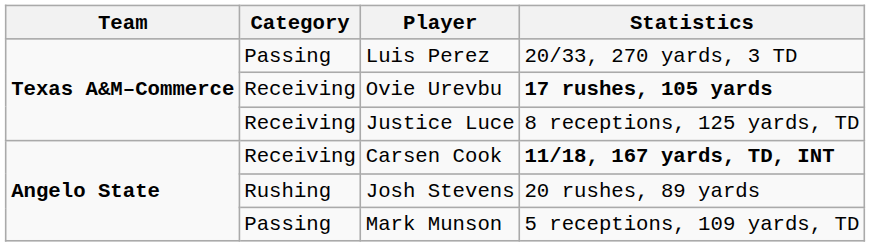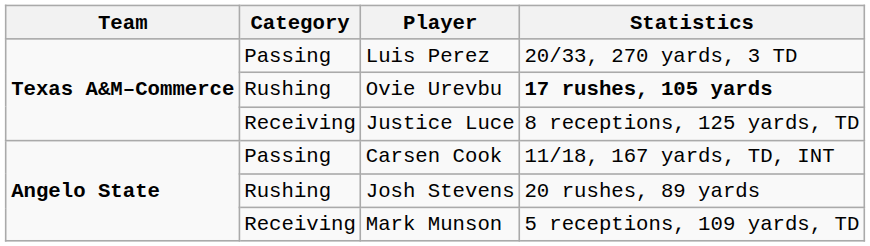 <table class="wikitable" style="float: right;">
 <tr>
 <th>Team</th>
 <th>Category</th>
 <th>Player</th>
 <th>Statistics</th>
 </tr>
 <tr>
 <td rowspan=3><strong>Texas A&M–Commerce</strong></td>
 <td>Passing</td>
 <td>Luis Perez</td>
 <td>20/33, 270 yards, 3 TD</td>
 </tr>
 <tr>
-<td>Receiving</td>
+<td>Rushing</td>
 <td>Ovie Urevbu</td>
 <td><strong>17 rushes, 105 yards</strong></td>
 </tr>
 <tr>
 <td>Receiving</td>
 <td>Justice Luce</td>
 <td>8 receptions, 125 yards, TD</td>
 </tr>
 <tr>
 <td rowspan=3><strong>Angelo State</strong></td>
-<td>Receiving</td>
+<td>Passing</td>
 <td>Carsen Cook</td>
-<td><strong>11/18, 167 yards, TD, INT</strong></td>
+<td>11/18, 167 yards, TD, INT</td>
 </tr>
 <tr>
 <td>Rushing</td>
 <td>Josh Stevens</td>
 <td>20 rushes, 89 yards</td>
 </tr>
 <tr>
-<td>Passing</td>
+<td>Receiving</td>
 <td>Mark Munson</td>
 <td>5 receptions, 109 yards, TD</td>
 </tr>
 </table>
